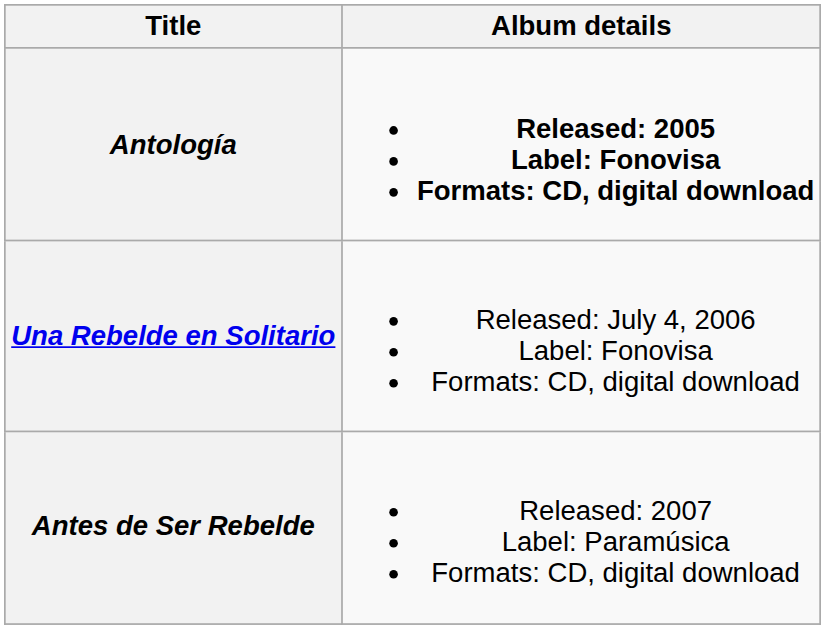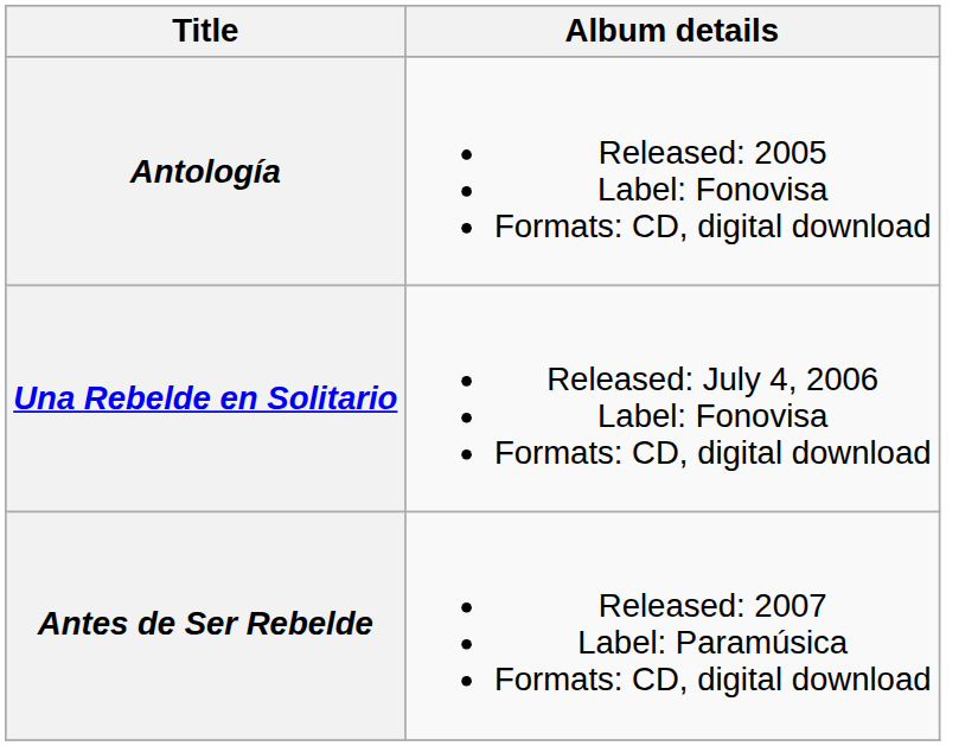 <table class="wikitable plainrowheaders" style="text-align:center;">
 <tr>
 <th>Title</th>
 <th>Album details</th>
 </tr>
 <tr>
 <th scope="row"><em>Antología</em></th>
-<td><strong><br><ul><li>Released: 2005</li><li>Label: Fonovisa</li><li>Formats: CD, digital download</li></ul></strong></td>
+<td><br><ul><li>Released: 2005</li><li>Label: Fonovisa</li><li>Formats: CD, digital download</li></ul></td>
 </tr>
 <tr>
 <th scope="row"><em><a href='#'>Una Rebelde en Solitario</a></em></th>
 <td><br><ul><li>Released: July 4, 2006</li><li>Label: Fonovisa</li><li>Formats: CD, digital download</li></ul></td>
 </tr>
 <tr>
 <th scope="row"><em>Antes de Ser Rebelde</em></th>
 <td><br><ul><li>Released: 2007</li><li>Label: Paramúsica</li><li>Formats: CD, digital download</li></ul></td>
 </tr>
 </table>
